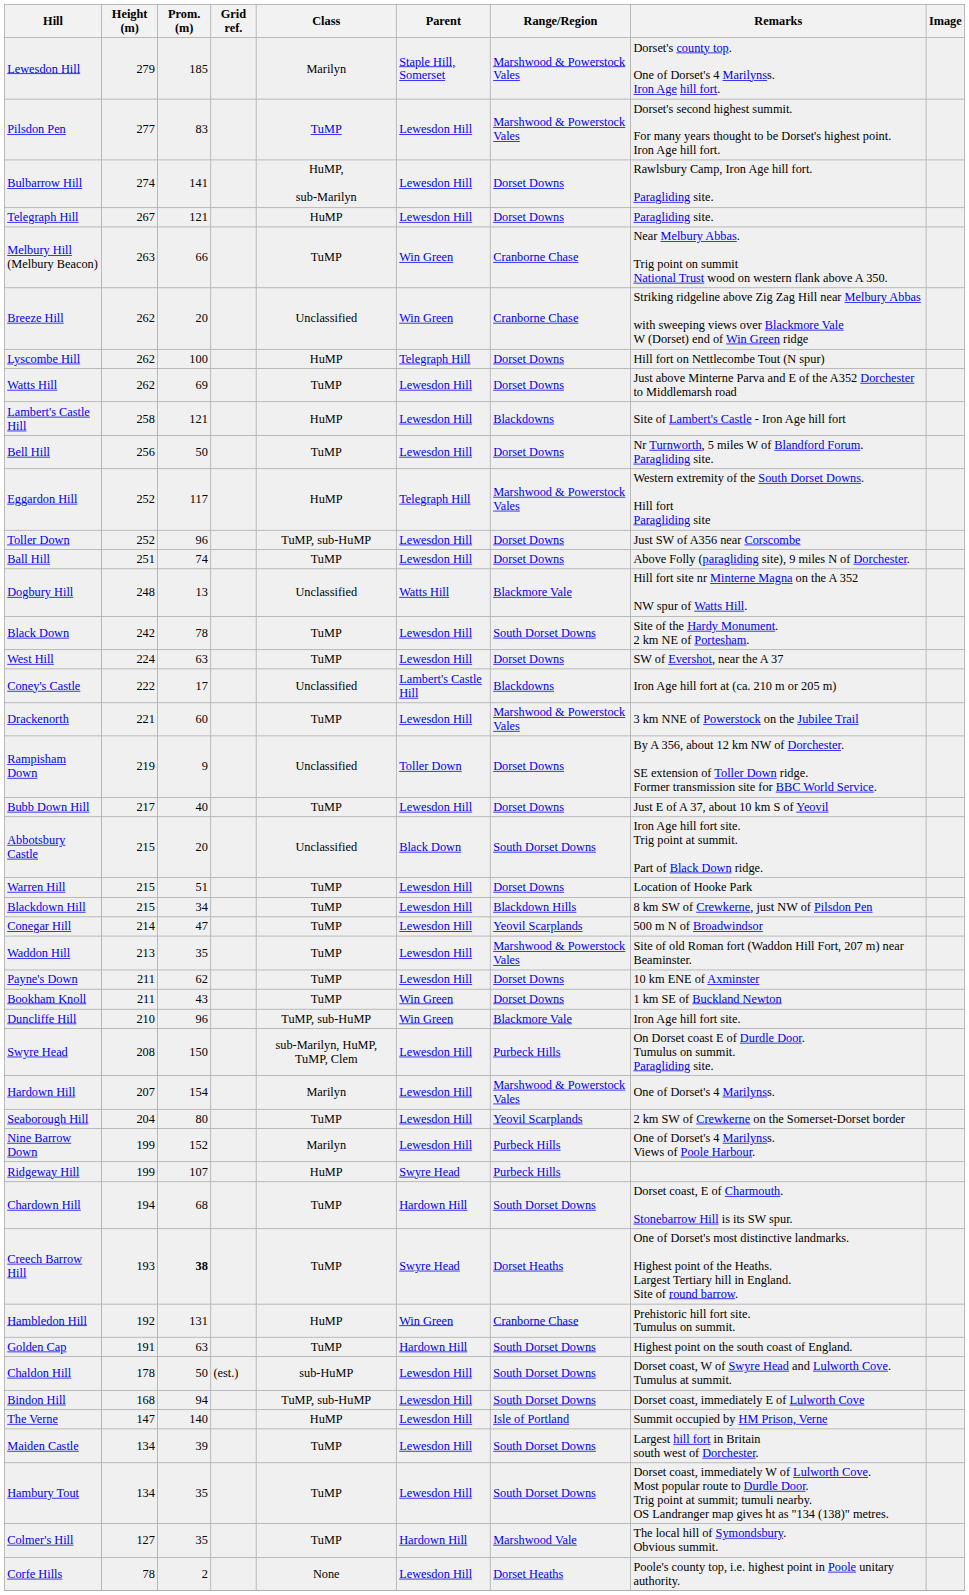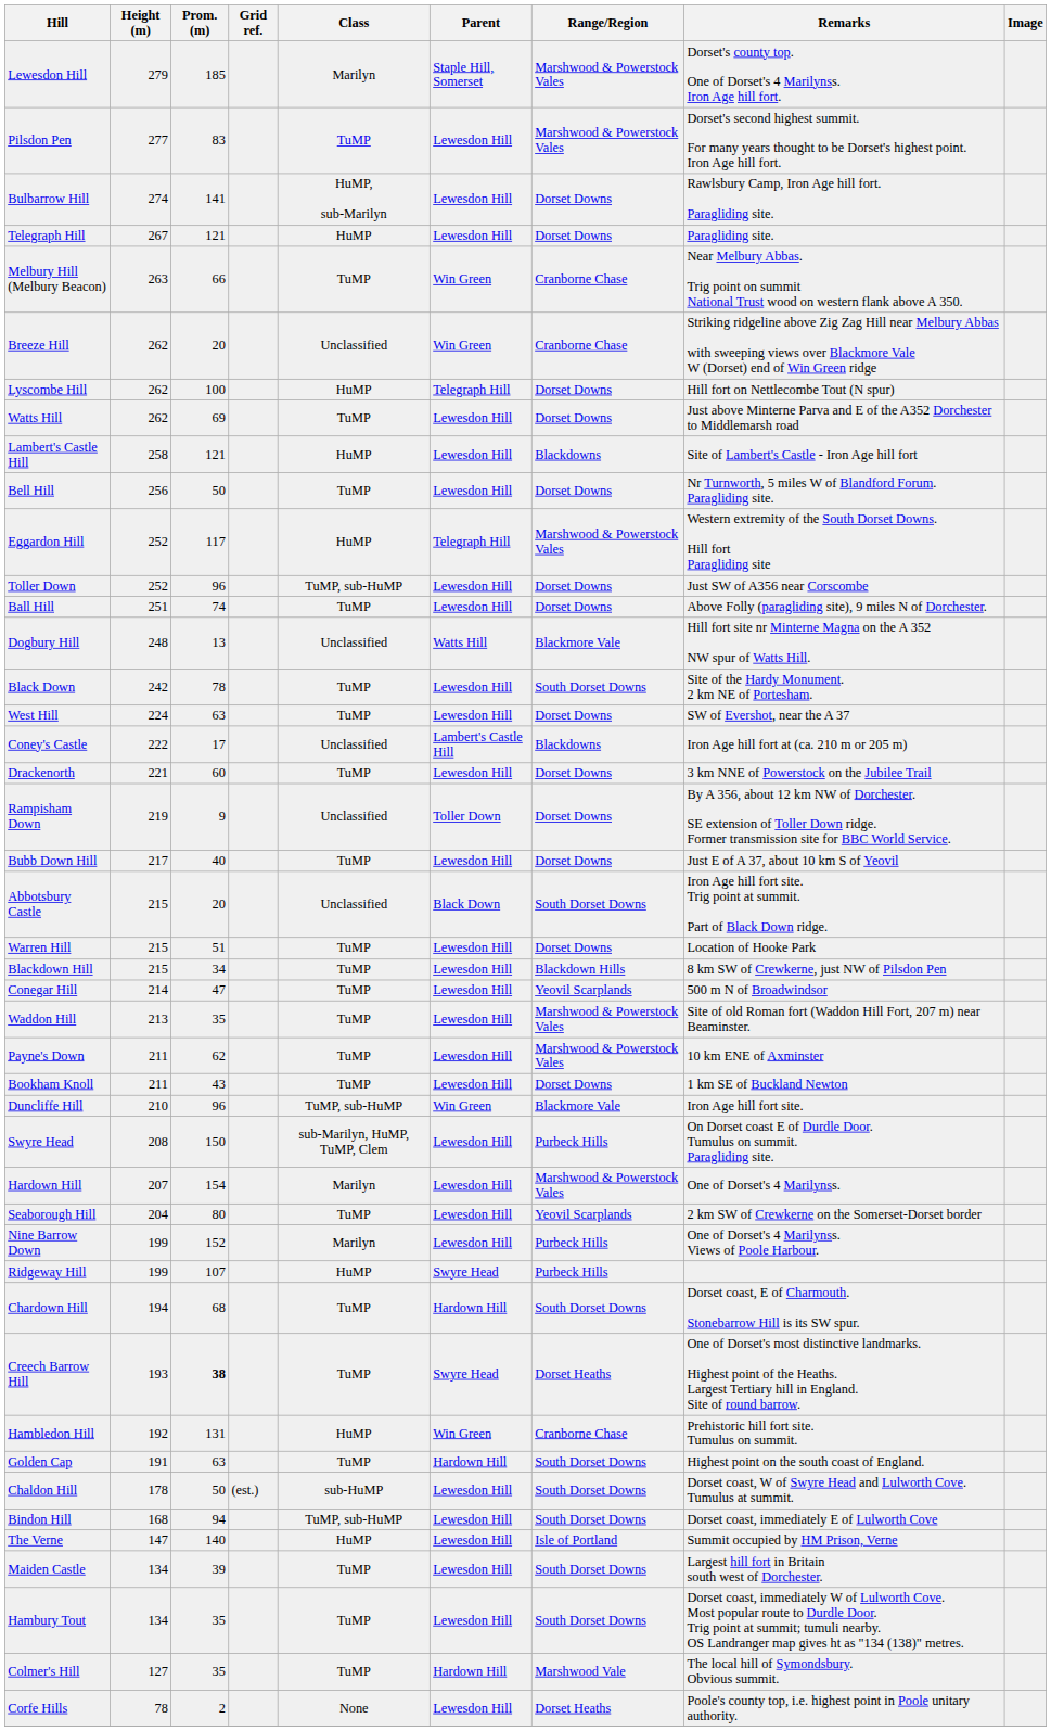 <table class="wikitable sortable" style="border-collapse: collapse; background:#f0f0f0">
 <tr>
 <th>Hill</th>
 <th>Height (m)</th>
 <th>Prom. (m)</th>
 <th>Grid ref.</th>
 <th>Class</th>
 <th>Parent</th>
 <th>Range/Region</th>
 <th class="unsortable">Remarks</th>
 <th class="unsortable">Image</th>
 </tr>
 <tr>
 <td><a href='#'>Lewesdon Hill</a></td>
 <td align=right>279</td>
 <td align=right>185</td>
 <td></td>
 <td align=center>Marilyn</td>
 <td><a href='#'>Staple Hill, Somerset</a></td>
 <td><a href='#'>Marshwood & Powerstock Vales</a></td>
 <td>Dorset's <a href='#'>county top</a>.<br><br>One of Dorset's 4 <a href='#'>Marilyns</a>s.<br> <a href='#'>Iron Age</a> <a href='#'>hill fort</a>.</td>
 <td></td>
 </tr>
 <tr>
 <td><a href='#'>Pilsdon Pen</a></td>
 <td align=right>277</td>
 <td align=right>83</td>
 <td></td>
 <td align=center><a href='#'>TuMP</a></td>
 <td><a href='#'>Lewesdon Hill</a></td>
 <td><a href='#'>Marshwood & Powerstock Vales</a></td>
 <td>Dorset's second highest summit.<br><br>For many years thought to be Dorset's highest point.<br> Iron Age hill fort.</td>
 <td></td>
 </tr>
 <tr>
 <td><a href='#'>Bulbarrow Hill</a></td>
 <td align=right>274</td>
 <td align=right>141</td>
 <td></td>
 <td align=center>HuMP,<br><br>sub-Marilyn</td>
 <td><a href='#'>Lewesdon Hill</a></td>
 <td><a href='#'>Dorset Downs</a></td>
 <td>Rawlsbury Camp, Iron Age hill fort.<br><br><a href='#'>Paragliding</a> site.</td>
 <td></td>
 </tr>
 <tr>
 <td><a href='#'>Telegraph Hill</a></td>
 <td align=right>267</td>
 <td align=right>121</td>
 <td></td>
 <td align=center>HuMP</td>
 <td><a href='#'>Lewesdon Hill</a></td>
 <td><a href='#'>Dorset Downs</a></td>
 <td><a href='#'>Paragliding</a> site.</td>
 <td></td>
 </tr>
 <tr>
 <td><a href='#'>Melbury Hill</a><br>(Melbury Beacon)</td>
 <td align=right>263</td>
 <td align=right>66</td>
 <td></td>
 <td align=center>TuMP</td>
 <td><a href='#'>Win Green</a></td>
 <td><a href='#'>Cranborne Chase</a></td>
 <td>Near <a href='#'>Melbury Abbas</a>.<br><br>Trig point on summit<br> <a href='#'>National Trust</a> wood on western flank above A 350.</td>
 <td></td>
 </tr>
 <tr>
 <td><a href='#'>Breeze Hill</a></td>
 <td align=right>262</td>
 <td align=right>20</td>
 <td></td>
 <td align=center>Unclassified</td>
 <td><a href='#'>Win Green</a></td>
 <td><a href='#'>Cranborne Chase</a></td>
 <td>Striking ridgeline above Zig Zag Hill near <a href='#'>Melbury Abbas</a> <br><br>with sweeping views over <a href='#'>Blackmore Vale</a><br> W (Dorset) end of <a href='#'>Win Green</a> ridge</td>
 <td></td>
 </tr>
 <tr>
 <td><a href='#'>Lyscombe Hill</a></td>
 <td align=right>262</td>
 <td align=right>100</td>
 <td></td>
 <td align=center>HuMP</td>
 <td><a href='#'>Telegraph Hill</a></td>
 <td><a href='#'>Dorset Downs</a></td>
 <td>Hill fort on Nettlecombe Tout (N spur)</td>
 <td></td>
 </tr>
 <tr>
 <td><a href='#'>Watts Hill</a></td>
 <td align=right>262</td>
 <td align=right>69</td>
 <td></td>
 <td align=center>TuMP</td>
 <td><a href='#'>Lewesdon Hill</a></td>
 <td><a href='#'>Dorset Downs</a></td>
 <td>Just above Minterne Parva and E of the A352 <a href='#'>Dorchester</a> to Middlemarsh road</td>
 <td></td>
 </tr>
 <tr>
 <td><a href='#'>Lambert's Castle Hill</a></td>
 <td align=right>258</td>
 <td align=right>121</td>
 <td></td>
 <td align=center>HuMP</td>
 <td><a href='#'>Lewesdon Hill</a></td>
 <td><a href='#'>Blackdowns</a></td>
 <td>Site of <a href='#'>Lambert's Castle</a> - Iron Age hill fort</td>
 <td></td>
 </tr>
 <tr>
 <td><a href='#'>Bell Hill</a></td>
 <td align=right>256</td>
 <td align=right>50</td>
 <td></td>
 <td align=center>TuMP</td>
 <td><a href='#'>Lewesdon Hill</a></td>
 <td><a href='#'>Dorset Downs</a></td>
 <td>Nr <a href='#'>Turnworth</a>, 5 miles W of <a href='#'>Blandford Forum</a>.<br><a href='#'>Paragliding</a> site.</td>
 <td></td>
 </tr>
 <tr>
 <td><a href='#'>Eggardon Hill</a></td>
 <td align=right>252</td>
 <td align=right>117</td>
 <td></td>
 <td align=center>HuMP</td>
 <td><a href='#'>Telegraph Hill</a></td>
 <td><a href='#'>Marshwood & Powerstock Vales</a></td>
 <td>Western extremity of the <a href='#'>South Dorset Downs</a>.<br><br>Hill fort<br> <a href='#'>Paragliding</a> site</td>
 <td></td>
 </tr>
 <tr>
 <td><a href='#'>Toller Down</a></td>
 <td align=right>252</td>
 <td align=right>96</td>
 <td> </td>
 <td align=center>TuMP, sub-HuMP</td>
 <td><a href='#'>Lewesdon Hill</a></td>
 <td><a href='#'>Dorset Downs</a></td>
 <td>Just SW of A356 near <a href='#'>Corscombe</a></td>
 <td></td>
 </tr>
 <tr>
 <td><a href='#'>Ball Hill</a></td>
 <td align=right>251</td>
 <td align=right>74</td>
 <td></td>
 <td align=center>TuMP</td>
 <td><a href='#'>Lewesdon Hill</a></td>
 <td><a href='#'>Dorset Downs</a></td>
 <td>Above Folly (<a href='#'>paragliding</a> site), 9 miles N of <a href='#'>Dorchester</a>.</td>
 <td></td>
 </tr>
 <tr>
 <td><a href='#'>Dogbury Hill</a></td>
 <td align=right>248</td>
 <td align=right>13</td>
 <td></td>
 <td align=center>Unclassified</td>
 <td><a href='#'>Watts Hill</a></td>
 <td><a href='#'>Blackmore Vale</a></td>
 <td>Hill fort site nr <a href='#'>Minterne Magna</a> on the A 352<br><br>NW spur of <a href='#'>Watts Hill</a>.</td>
 <td></td>
 </tr>
 <tr>
 <td><a href='#'>Black Down</a></td>
 <td align=right>242</td>
 <td align=right>78</td>
 <td></td>
 <td align=center>TuMP</td>
 <td><a href='#'>Lewesdon Hill</a></td>
 <td><a href='#'>South Dorset Downs</a></td>
 <td>Site of the <a href='#'>Hardy Monument</a>.<br>2 km NE of <a href='#'>Portesham</a>.</td>
 <td></td>
 </tr>
 <tr>
 <td><a href='#'>West Hill</a></td>
 <td align=right>224</td>
 <td align=right>63</td>
 <td></td>
 <td align=center>TuMP</td>
 <td><a href='#'>Lewesdon Hill</a></td>
 <td><a href='#'>Dorset Downs</a></td>
 <td>SW of <a href='#'>Evershot</a>, near the A 37</td>
 <td></td>
 </tr>
 <tr>
 <td><a href='#'>Coney's Castle</a></td>
 <td align=right>222</td>
 <td align=right>17</td>
 <td></td>
 <td align=center>Unclassified</td>
 <td><a href='#'>Lambert's Castle Hill</a></td>
 <td><a href='#'>Blackdowns</a></td>
 <td>Iron Age hill fort at  (ca. 210 m or 205 m)</td>
 <td></td>
 </tr>
 <tr>
 <td><a href='#'>Drackenorth</a></td>
 <td align=right>221</td>
 <td align=right>60</td>
 <td></td>
 <td align=center>TuMP</td>
 <td><a href='#'>Lewesdon Hill</a></td>
-<td><a href='#'>Marshwood & Powerstock Vales</a></td>
+<td><a href='#'>Dorset Downs</a></td>
 <td>3 km NNE of <a href='#'>Powerstock</a> on the <a href='#'>Jubilee Trail</a></td>
 <td></td>
 </tr>
 <tr>
 <td><a href='#'>Rampisham Down</a></td>
 <td align=right>219</td>
 <td align=right>9</td>
 <td> </td>
 <td align=center>Unclassified</td>
 <td><a href='#'>Toller Down</a></td>
 <td><a href='#'>Dorset Downs</a></td>
 <td>By A 356, about 12 km NW of <a href='#'>Dorchester</a>.<br><br>SE extension of <a href='#'>Toller Down</a> ridge.<br> Former transmission site for <a href='#'>BBC World Service</a>.</td>
 <td></td>
 </tr>
 <tr>
 <td><a href='#'>Bubb Down Hill</a></td>
 <td align=right>217</td>
 <td align=right>40</td>
 <td></td>
 <td align=center>TuMP</td>
 <td><a href='#'>Lewesdon Hill</a></td>
 <td><a href='#'>Dorset Downs</a></td>
 <td>Just E of A 37, about 10 km S of <a href='#'>Yeovil</a></td>
 <td></td>
 </tr>
 <tr>
 <td><a href='#'>Abbotsbury Castle</a></td>
 <td align=right>215</td>
 <td align=right>20</td>
 <td></td>
 <td align=center>Unclassified</td>
 <td><a href='#'>Black Down</a></td>
 <td><a href='#'>South Dorset Downs</a></td>
 <td>Iron Age hill fort site.<br>Trig point at summit.<br><br>Part of <a href='#'>Black Down</a> ridge.</td>
 <td></td>
 </tr>
 <tr>
 <td><a href='#'>Warren Hill</a></td>
 <td align=right>215</td>
 <td align=right>51</td>
 <td></td>
 <td align=center>TuMP</td>
 <td><a href='#'>Lewesdon Hill</a></td>
 <td><a href='#'>Dorset Downs</a></td>
 <td>Location of Hooke Park</td>
 <td></td>
 </tr>
 <tr>
 <td><a href='#'>Blackdown Hill</a></td>
 <td align=right>215</td>
 <td align=right>34</td>
 <td></td>
 <td align=center>TuMP</td>
 <td><a href='#'>Lewesdon Hill</a></td>
 <td><a href='#'>Blackdown Hills</a></td>
 <td>8 km SW of <a href='#'>Crewkerne</a>, just NW of <a href='#'>Pilsdon Pen</a></td>
 <td></td>
 </tr>
 <tr>
 <td><a href='#'>Conegar Hill</a></td>
 <td align=right>214</td>
 <td align=right>47</td>
 <td></td>
 <td align=center>TuMP</td>
 <td><a href='#'>Lewesdon Hill</a></td>
 <td><a href='#'>Yeovil Scarplands</a></td>
 <td>500 m N of <a href='#'>Broadwindsor</a></td>
 <td></td>
 </tr>
 <tr>
 <td><a href='#'>Waddon Hill</a></td>
 <td align=right>213</td>
 <td align=right>35</td>
 <td></td>
 <td align=center>TuMP</td>
 <td><a href='#'>Lewesdon Hill</a></td>
 <td><a href='#'>Marshwood & Powerstock Vales</a></td>
 <td>Site of old Roman fort (Waddon Hill Fort, 207 m) near Beaminster.</td>
 <td></td>
 </tr>
 <tr>
 <td><a href='#'>Payne's Down</a></td>
 <td align=right>211</td>
 <td align=right>62</td>
 <td></td>
 <td align=center>TuMP</td>
 <td><a href='#'>Lewesdon Hill</a></td>
-<td><a href='#'>Dorset Downs</a></td>
+<td><a href='#'>Marshwood & Powerstock Vales</a></td>
 <td>10 km ENE of <a href='#'>Axminster</a></td>
 <td></td>
 </tr>
 <tr>
 <td><a href='#'>Bookham Knoll</a></td>
 <td align=right>211</td>
 <td align=right>43</td>
 <td></td>
 <td align=center>TuMP</td>
-<td><a href='#'>Win Green</a></td>
+<td><a href='#'>Lewesdon Hill</a></td>
 <td><a href='#'>Dorset Downs</a></td>
 <td>1 km SE of <a href='#'>Buckland Newton</a></td>
 <td></td>
 </tr>
 <tr>
 <td><a href='#'>Duncliffe Hill</a></td>
 <td align=right>210</td>
 <td align=right>96</td>
 <td></td>
 <td align=center>TuMP, sub-HuMP</td>
 <td><a href='#'>Win Green</a></td>
 <td><a href='#'>Blackmore Vale</a></td>
 <td>Iron Age hill fort site.</td>
 <td></td>
 </tr>
 <tr>
 <td><a href='#'>Swyre Head</a></td>
 <td align=right>208</td>
 <td align=right>150</td>
 <td></td>
 <td align=center>sub-Marilyn, HuMP, TuMP, Clem</td>
 <td><a href='#'>Lewesdon Hill</a></td>
 <td><a href='#'>Purbeck Hills</a></td>
 <td>On Dorset coast E of <a href='#'>Durdle Door</a>.<br>Tumulus on summit.<br><a href='#'>Paragliding</a> site.</td>
 <td></td>
 </tr>
 <tr>
 <td><a href='#'>Hardown Hill</a></td>
 <td align=right>207</td>
 <td align=right>154</td>
 <td></td>
 <td align=center>Marilyn</td>
 <td><a href='#'>Lewesdon Hill</a></td>
 <td><a href='#'>Marshwood & Powerstock Vales</a></td>
 <td>One of Dorset's 4 <a href='#'>Marilyns</a>s.</td>
 <td></td>
 </tr>
 <tr>
 <td><a href='#'>Seaborough Hill</a></td>
 <td align=right>204</td>
 <td align=right>80</td>
 <td></td>
 <td align=center>TuMP</td>
 <td><a href='#'>Lewesdon Hill</a></td>
 <td><a href='#'>Yeovil Scarplands</a></td>
 <td>2 km SW of <a href='#'>Crewkerne</a> on the Somerset-Dorset border</td>
 <td></td>
 </tr>
 <tr>
 <td><a href='#'>Nine Barrow Down</a></td>
 <td align=right>199</td>
 <td align=right>152</td>
 <td></td>
 <td align=center>Marilyn</td>
 <td><a href='#'>Lewesdon Hill</a></td>
 <td><a href='#'>Purbeck Hills</a></td>
 <td>One of Dorset's 4 <a href='#'>Marilyns</a>s.<br>Views of <a href='#'>Poole Harbour</a>.</td>
 <td></td>
 </tr>
 <tr>
 <td><a href='#'>Ridgeway Hill</a></td>
 <td align=right>199</td>
 <td align=right>107</td>
 <td></td>
 <td align=center>HuMP</td>
 <td><a href='#'>Swyre Head</a></td>
 <td><a href='#'>Purbeck Hills</a></td>
 <td></td>
 <td></td>
 </tr>
 <tr>
 <td><a href='#'>Chardown Hill</a></td>
 <td align=right>194</td>
 <td align=right>68</td>
 <td></td>
 <td align=center>TuMP</td>
 <td><a href='#'>Hardown Hill</a></td>
 <td><a href='#'>South Dorset Downs</a></td>
 <td>Dorset coast, E of <a href='#'>Charmouth</a>.<br><br><a href='#'>Stonebarrow Hill</a> is its SW spur.</td>
 <td></td>
 </tr>
 <tr>
 <td><a href='#'>Creech Barrow Hill</a></td>
 <td align=right>193</td>
 <td align=right><strong>38</strong></td>
 <td></td>
 <td align=center>TuMP</td>
 <td><a href='#'>Swyre Head</a></td>
 <td><a href='#'>Dorset Heaths</a></td>
 <td>One of Dorset's most distinctive landmarks.<br><br>Highest point of the Heaths.<br> Largest Tertiary hill in England.<br> Site of <a href='#'>round barrow</a>.</td>
 <td></td>
 </tr>
 <tr>
 <td><a href='#'>Hambledon Hill</a></td>
 <td align=right>192</td>
 <td align=right>131</td>
 <td></td>
 <td align=center>HuMP</td>
 <td><a href='#'>Win Green</a></td>
 <td><a href='#'>Cranborne Chase</a></td>
 <td>Prehistoric hill fort site.<br>Tumulus on summit.</td>
 <td></td>
 </tr>
 <tr>
 <td><a href='#'>Golden Cap</a></td>
 <td align=right>191</td>
 <td align=right>63</td>
 <td></td>
 <td align=center>TuMP</td>
 <td><a href='#'>Hardown Hill</a></td>
 <td><a href='#'>South Dorset Downs</a></td>
 <td>Highest point on the south coast of England.</td>
 <td></td>
 </tr>
 <tr>
 <td><a href='#'>Chaldon Hill</a></td>
 <td align=right>178</td>
 <td align=right>50</td>
 <td> (est.)</td>
 <td align=center>sub-HuMP</td>
 <td><a href='#'>Lewesdon Hill</a></td>
 <td><a href='#'>South Dorset Downs</a></td>
 <td>Dorset coast, W of <a href='#'>Swyre Head</a> and <a href='#'>Lulworth Cove</a>.<br>Tumulus at summit.</td>
 <td></td>
 </tr>
 <tr>
 <td><a href='#'>Bindon Hill</a></td>
 <td align=right>168</td>
 <td align=right>94</td>
 <td></td>
 <td align=center>TuMP, sub-HuMP</td>
 <td><a href='#'>Lewesdon Hill</a></td>
 <td><a href='#'>South Dorset Downs</a></td>
 <td>Dorset coast, immediately E of <a href='#'>Lulworth Cove</a></td>
 <td></td>
 </tr>
 <tr>
 <td><a href='#'>The Verne</a></td>
 <td align=right>147</td>
 <td align=right>140</td>
 <td></td>
 <td align=center>HuMP</td>
 <td><a href='#'>Lewesdon Hill</a></td>
 <td><a href='#'>Isle of Portland</a></td>
 <td>Summit occupied by <a href='#'>HM Prison, Verne</a></td>
 <td></td>
 </tr>
 <tr>
 <td><a href='#'>Maiden Castle</a></td>
 <td align=right>134</td>
 <td align=right>39</td>
 <td></td>
 <td align=center>TuMP</td>
 <td><a href='#'>Lewesdon Hill</a></td>
 <td><a href='#'>South Dorset Downs</a></td>
 <td>Largest <a href='#'>hill fort</a> in Britain<br> south west of <a href='#'>Dorchester</a>.</td>
 <td></td>
 </tr>
 <tr>
 <td><a href='#'>Hambury Tout</a></td>
 <td align=right>134</td>
 <td align=right>35</td>
 <td></td>
 <td align=center>TuMP</td>
 <td><a href='#'>Lewesdon Hill</a></td>
 <td><a href='#'>South Dorset Downs</a></td>
 <td>Dorset coast, immediately W of <a href='#'>Lulworth Cove</a>.<br>Most popular route to <a href='#'>Durdle Door</a>.<br> Trig point at summit; tumuli nearby.<br>OS Landranger map gives ht as "134 (138)" metres.</td>
 <td></td>
 </tr>
 <tr>
 <td><a href='#'>Colmer's Hill</a></td>
 <td align=right>127</td>
 <td align=right>35</td>
 <td></td>
 <td align=center>TuMP</td>
 <td><a href='#'>Hardown Hill</a></td>
 <td><a href='#'>Marshwood Vale</a></td>
 <td>The local hill of <a href='#'>Symondsbury</a>.<br>Obvious summit.</td>
 <td></td>
 </tr>
 <tr>
 <td><a href='#'>Corfe Hills</a></td>
 <td align=right>78</td>
 <td align=right>2</td>
 <td></td>
 <td align=center>None</td>
 <td><a href='#'>Lewesdon Hill</a></td>
 <td><a href='#'>Dorset Heaths</a></td>
 <td>Poole's county top, i.e. highest point in <a href='#'>Poole</a> unitary authority.</td>
 <td></td>
 </tr>
 <tr>
 </tr>
 </table>
